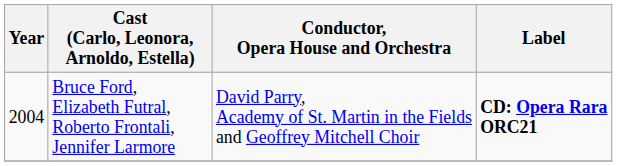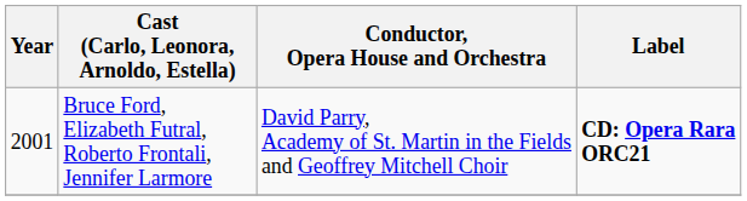 <table class="wikitable">
 <tr>
 <th>Year</th>
 <th width="140">Cast<br>(Carlo,  Leonora, Arnoldo, Estella)</th>
 <th>Conductor,<br>Opera House and Orchestra</th>
 <th>Label</th>
 </tr>
 <tr>
-<td>2004</td>
+<td>2001</td>
 <td><a href='#'>Bruce Ford</a>,<br> <a href='#'>Elizabeth Futral</a>,<br><a href='#'>Roberto Frontali</a>,<br><a href='#'>Jennifer Larmore</a></td>
 <td><a href='#'>David Parry</a>,<br><a href='#'>Academy of St. Martin in the Fields</a><br>and <a href='#'>Geoffrey Mitchell Choir</a></td>
 <td><strong>CD: <a href='#'>Opera Rara</a><br> ORC21</strong></td>
 </tr>
 <tr>
 </tr>
 </table>
